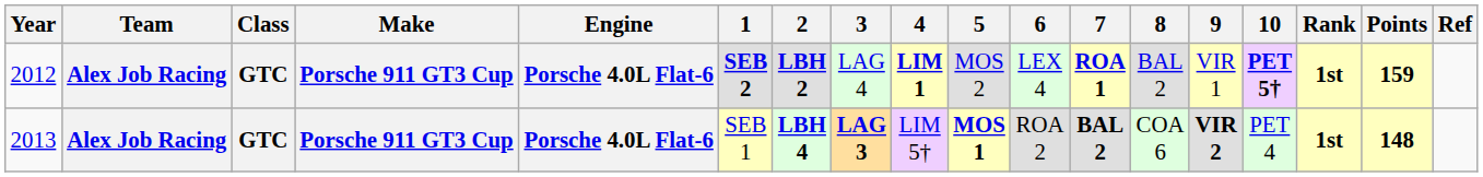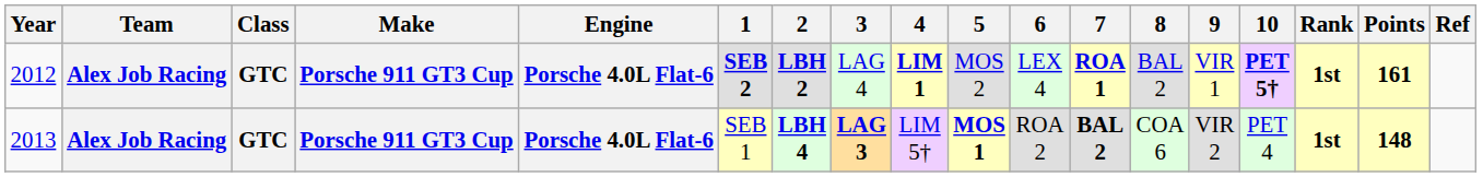 <table class="wikitable" style="text-align:center; font-size:90%">
 <tr>
 <th>Year</th>
 <th>Team</th>
 <th>Class</th>
 <th>Make</th>
 <th>Engine</th>
 <th>1</th>
 <th>2</th>
 <th>3</th>
 <th>4</th>
 <th>5</th>
 <th>6</th>
 <th>7</th>
 <th>8</th>
 <th>9</th>
 <th>10</th>
 <th>Rank</th>
 <th>Points</th>
 <th>Ref</th>
 </tr>
 <tr>
 <td><a href='#'>2012</a></td>
 <th><a href='#'>Alex Job Racing</a></th>
 <th>GTC</th>
 <th><a href='#'>Porsche 911 GT3 Cup</a></th>
 <th><a href='#'>Porsche</a> 4.0L <a href='#'>Flat-6</a></th>
 <td style="background:#DFDFDF;”"><strong><a href='#'>SEB</a><br>2</strong></td>
 <td style="background:#DFDFDF;”"><strong><a href='#'>LBH</a><br>2</strong></td>
 <td style="background:#DFFFDF;"><a href='#'>LAG</a><br>4</td>
 <td style="background:#FFFFBF;”"><strong><a href='#'>LIM</a><br>1</strong></td>
 <td style="background:#DFDFDF;”"><a href='#'>MOS</a><br>2</td>
 <td style="background:#DFFFDF;"><a href='#'>LEX</a><br>4</td>
 <td style="background:#FFFFBF;”"><strong><a href='#'>ROA</a><br>1</strong></td>
 <td style="background:#DFDFDF;”"><a href='#'>BAL</a><br>2</td>
 <td style="background:#FFFFBF;”"><a href='#'>VIR</a><br>1</td>
 <td style="background:#EFCFFF;"><strong><a href='#'>PET</a><br>5†</strong></td>
 <th style="background:#FFFFBF;”">1st</th>
-<th style="background:#FFFFBF;”">159</th>
+<th style="background:#FFFFBF;”">161</th>
 <td></td>
 </tr>
 <tr>
 <td><a href='#'>2013</a></td>
 <th><a href='#'>Alex Job Racing</a></th>
 <th>GTC</th>
 <th><a href='#'>Porsche 911 GT3 Cup</a></th>
 <th><a href='#'>Porsche</a> 4.0L <a href='#'>Flat-6</a></th>
 <td style="background:#FFFFBF;”"><a href='#'>SEB</a><br>1</td>
 <td style="background:#DFFFDF;"><strong><a href='#'>LBH</a><br>4</strong></td>
 <td style="background:#FFDF9F;”"><strong><a href='#'>LAG</a><br>3</strong></td>
 <td style="background:#EFCFFF;"><a href='#'>LIM</a><br>5†</td>
 <td style="background:#FFFFBF;”"><strong><a href='#'>MOS</a><br>1</strong></td>
 <td style="background:#DFDFDF;”">ROA<br>2</td>
 <td style="background:#DFDFDF;”"><strong>BAL<br>2</strong></td>
 <td style="background:#DFFFDF;">COA<br>6</td>
-<td style="background:#DFDFDF;”"><strong>VIR<br>2</strong></td>
+<td style="background:#DFDFDF;”">VIR<br>2</td>
 <td style="background:#DFFFDF;"><a href='#'>PET</a><br>4</td>
 <th style="background:#FFFFBF;”">1st</th>
 <th style="background:#FFFFBF;”">148</th>
 <td></td>
 </tr>
 </table>
